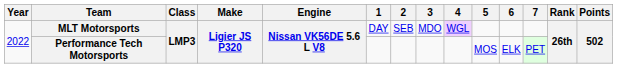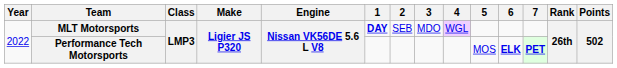 <table class="wikitable" style="text-align:center; font-size:90%">
 <tr>
 <th>Year</th>
 <th>Team</th>
 <th>Class</th>
 <th>Make</th>
 <th>Engine</th>
 <th>1</th>
 <th>2</th>
 <th>3</th>
 <th>4</th>
 <th>5</th>
 <th>6</th>
 <th>7</th>
 <th>Rank</th>
 <th>Points</th>
 </tr>
 <tr>
 <td rowspan="2"><a href='#'>2022</a></td>
 <th>MLT Motorsports</th>
 <th rowspan="2">LMP3</th>
 <th rowspan="2"><a href='#'>Ligier JS P320</a></th>
 <th rowspan="2"><a href='#'>Nissan VK56DE</a> 5.6 L <a href='#'>V8</a></th>
-<td style="background:#;"><a href='#'>DAY</a><br></td>
+<td style="background:#;"><strong><a href='#'>DAY</a><br></strong></td>
 <td style="background:#;"><a href='#'>SEB</a><br></td>
 <td style="background:#;"><a href='#'>MDO</a><br></td>
 <td style="background:#EFCFFF;"><a href='#'>WGL</a><br></td>
 <td></td>
 <td></td>
 <td></td>
 <th rowspan="2">26th</th>
 <th rowspan="2">502</th>
 </tr>
 <tr>
 <th>Performance Tech Motorsports</th>
 <td></td>
 <td></td>
 <td></td>
 <td></td>
 <td style="background:#;"><a href='#'>MOS</a><br></td>
-<td style="background:#;"><a href='#'>ELK</a><br></td>
-<td style="background:#DFFFDF;"><a href='#'>PET</a><br></td>
+<td style="background:#;"><strong><a href='#'>ELK</a><br></strong></td>
+<td style="background:#DFFFDF;"><strong><a href='#'>PET</a><br></strong></td>
 </tr>
 </table>
